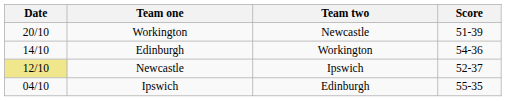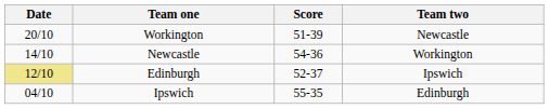 <table class="wikitable" style="text-align: center">
 <tr>
 <th width=80>Date</th>
 <th width=250>Team one</th>
+<th width=80>Score</th>
 <th width=250>Team two</th>
-<th width=80>Score</th>
 </tr>
 <tr>
 <td>20/10</td>
 <td>Workington</td>
+<td>51-39</td>
 <td>Newcastle</td>
-<td>51-39</td>
 </tr>
 <tr>
 <td>14/10</td>
-<td>Edinburgh</td>
+<td>Newcastle</td>
+<td>54-36</td>
 <td>Workington</td>
-<td>54-36</td>
 </tr>
 <tr>
 <td style="background: khaki;">12/10</td>
-<td>Newcastle</td>
+<td>Edinburgh</td>
+<td>52-37</td>
 <td>Ipswich</td>
-<td>52-37</td>
 </tr>
 <tr>
 <td>04/10</td>
 <td>Ipswich</td>
+<td>55-35</td>
 <td>Edinburgh</td>
-<td>55-35</td>
 </tr>
 </table>
